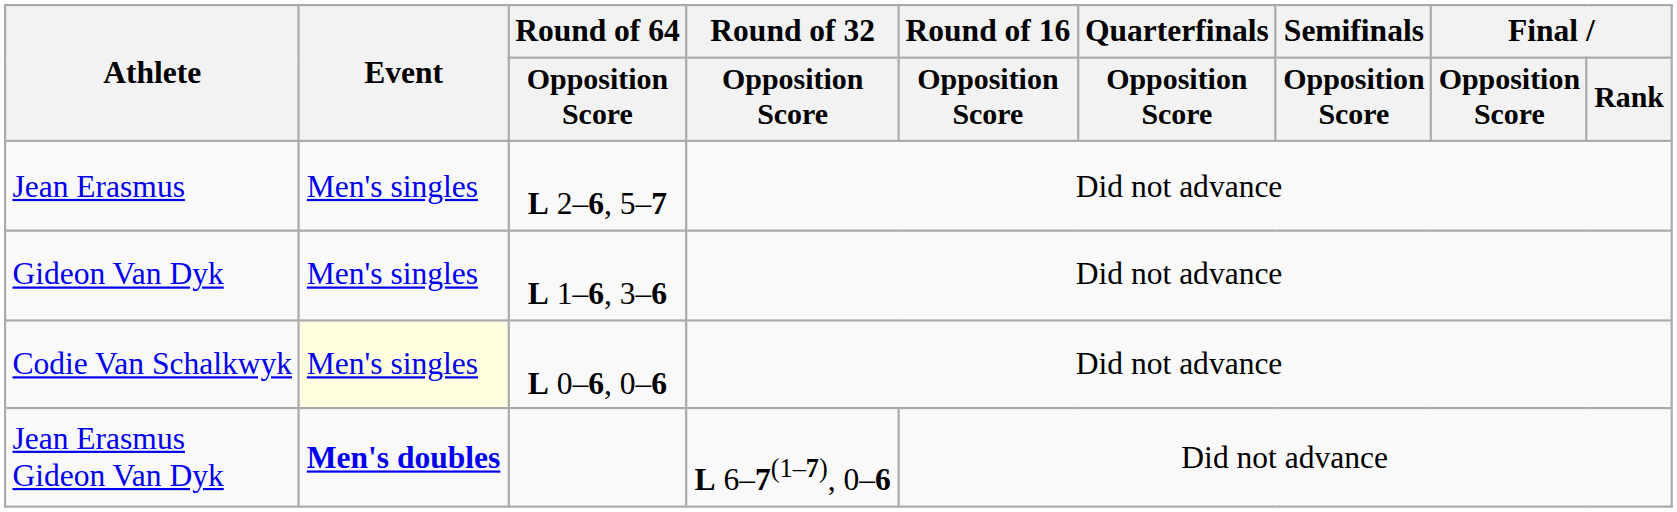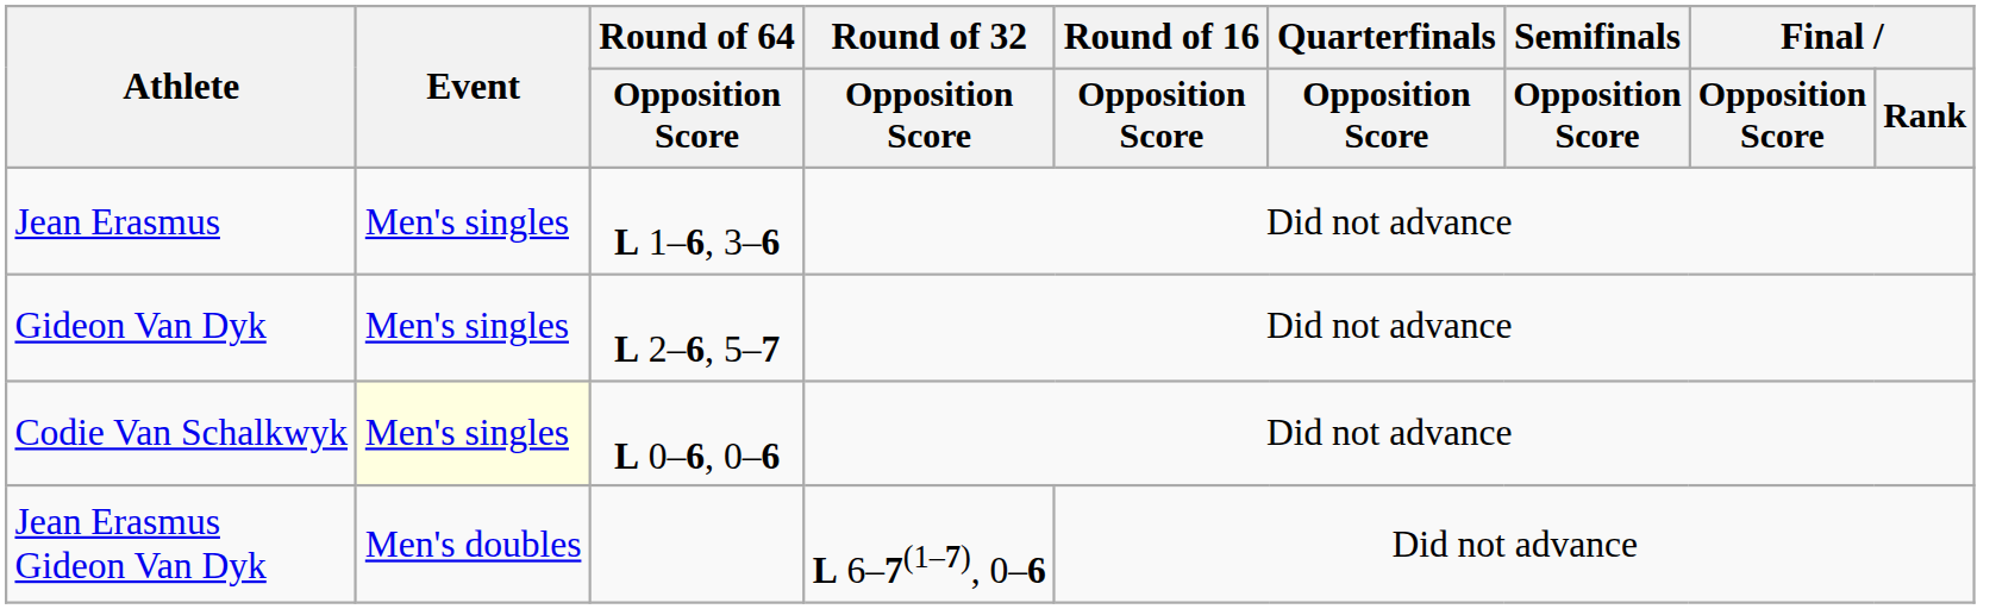 <table class=wikitable style="font-size:90%">
 <tr>
 <th rowspan="2">Athlete</th>
 <th rowspan="2">Event</th>
 <th>Round of 64</th>
 <th>Round of 32</th>
 <th>Round of 16</th>
 <th>Quarterfinals</th>
 <th>Semifinals</th>
 <th colspan=2>Final / </th>
 </tr>
 <tr style="font-size:95%">
 <th>Opposition<br>Score</th>
 <th>Opposition<br>Score</th>
 <th>Opposition<br>Score</th>
 <th>Opposition<br>Score</th>
 <th>Opposition<br>Score</th>
 <th>Opposition<br>Score</th>
 <th>Rank</th>
 </tr>
 <tr align=center>
 <td align=left><a href='#'>Jean Erasmus</a></td>
 <td align=left><a href='#'>Men's singles</a></td>
-<td><br><strong>L</strong> 2–<strong>6</strong>, 5–<strong>7</strong></td>
+<td><br><strong>L</strong> 1–<strong>6</strong>, 3–<strong>6</strong></td>
 <td colspan=6>Did not advance</td>
 </tr>
 <tr align=center>
 <td align=left><a href='#'>Gideon Van Dyk</a></td>
 <td align=left><a href='#'>Men's singles</a></td>
-<td><br><strong>L</strong> 1–<strong>6</strong>, 3–<strong>6</strong></td>
+<td><br><strong>L</strong> 2–<strong>6</strong>, 5–<strong>7</strong></td>
 <td colspan=6>Did not advance</td>
 </tr>
 <tr align=center>
 <td align=left><a href='#'>Codie Van Schalkwyk</a></td>
 <td align=left style="background: lightyellow;"><a href='#'>Men's singles</a></td>
 <td><br><strong>L</strong> 0–<strong>6</strong>, 0–<strong>6</strong></td>
 <td colspan=6>Did not advance</td>
 </tr>
 <tr align=center>
 <td align=left><a href='#'>Jean Erasmus</a><br><a href='#'>Gideon Van Dyk</a></td>
-<td align=left><strong><a href='#'>Men's doubles</a></strong></td>
+<td align=left><a href='#'>Men's doubles</a></td>
 <td></td>
 <td><br><strong>L</strong> 6–<strong>7</strong><sup>(1–<strong>7</strong>)</sup>, 0–<strong>6</strong></td>
 <td colspan=5>Did not advance</td>
 </tr>
 </table>
